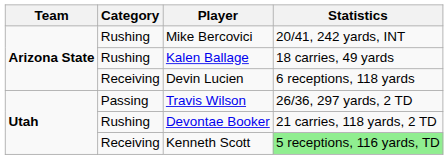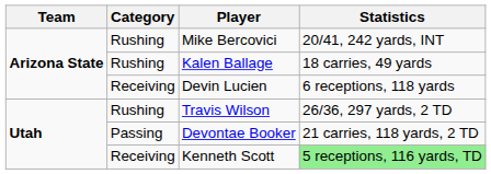 <table class="wikitable" style="float: right;">
 <tr>
 <th>Team</th>
 <th>Category</th>
 <th>Player</th>
 <th>Statistics</th>
 </tr>
 <tr>
 <td rowspan=3><strong>Arizona State</strong></td>
 <td>Rushing</td>
 <td>Mike Bercovici</td>
 <td>20/41, 242 yards, INT</td>
 </tr>
 <tr>
 <td>Rushing</td>
 <td><a href='#'>Kalen Ballage</a></td>
 <td>18 carries, 49 yards</td>
 </tr>
 <tr>
 <td>Receiving</td>
 <td>Devin Lucien</td>
 <td>6 receptions, 118 yards</td>
 </tr>
 <tr>
 <td rowspan=3><strong>Utah</strong></td>
-<td>Passing</td>
+<td>Rushing</td>
 <td><a href='#'>Travis Wilson</a></td>
 <td>26/36, 297 yards, 2 TD</td>
 </tr>
 <tr>
-<td>Rushing</td>
+<td>Passing</td>
 <td><a href='#'>Devontae Booker</a></td>
 <td>21 carries, 118 yards, 2 TD</td>
 </tr>
 <tr>
 <td>Receiving</td>
 <td>Kenneth Scott</td>
 <td style="background: lightgreen;">5 receptions, 116 yards, TD</td>
 </tr>
 </table>
